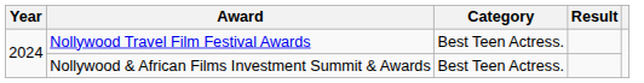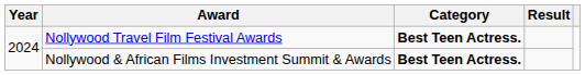 <table class="wikitable sortable">
 <tr>
 <th>Year</th>
 <th>Award</th>
 <th>Category</th>
 <th>Result</th>
 <th class="unsortable"></th>
 </tr>
 <tr>
 <td rowspan="2">2024</td>
 <td><a href='#'>Nollywood Travel Film Festival Awards</a></td>
-<td>Best Teen Actress.</td>
+<td><strong>Best Teen Actress.</strong></td>
 <td></td>
 <td style="text-align:center;" rowspan="2"></td>
 </tr>
 <tr>
 <td>Nollywood & African Films Investment Summit & Awards</td>
-<td>Best Teen Actress.</td>
+<td><strong>Best Teen Actress.</strong></td>
 <td></td>
 </tr>
 </table>
